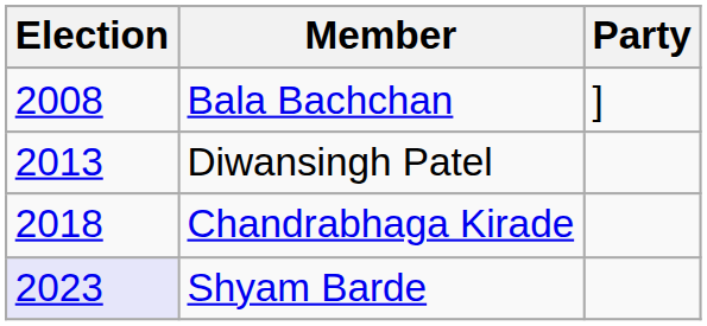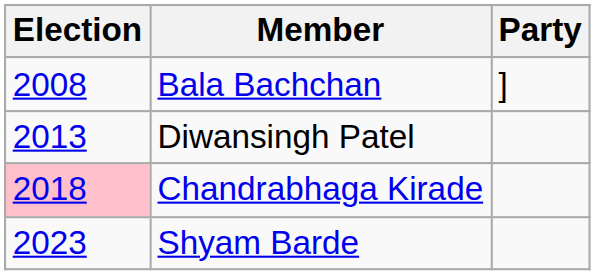 <table class="wikitable sortable">
 <tr>
 <th>Election</th>
 <th>Member</th>
 <th colspan=2>Party</th>
 </tr>
 <tr>
 <td><a href='#'>2008</a></td>
 <td><a href='#'>Bala Bachchan</a></td>
 <td>]</td>
 </tr>
 <tr>
 <td><a href='#'>2013</a></td>
 <td>Diwansingh Patel</td>
 <td></td>
 </tr>
 <tr>
-<td><a href='#'>2018</a></td>
+<td style="background: pink;"><a href='#'>2018</a></td>
 <td><a href='#'>Chandrabhaga Kirade</a></td>
 <td></td>
 </tr>
 <tr>
-<td style="background: lavender;"><a href='#'>2023</a></td>
+<td><a href='#'>2023</a></td>
 <td><a href='#'>Shyam Barde</a></td>
 <td></td>
 </tr>
 </table>
